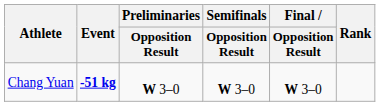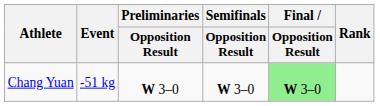 <table class="wikitable" style="font-size:90%;">
 <tr>
 <th rowspan=2>Athlete</th>
 <th rowspan=2>Event</th>
 <th>Preliminaries</th>
 <th>Semifinals</th>
 <th>Final / </th>
 <th rowspan=2>Rank</th>
 </tr>
 <tr style="font-size:95%">
 <th>Opposition<br>Result</th>
 <th>Opposition<br>Result</th>
 <th>Opposition<br>Result</th>
 </tr>
 <tr align=center>
 <td align=left><a href='#'>Chang Yuan</a></td>
-<td align=left><strong><a href='#'>-51 kg</a></strong></td>
+<td align=left><a href='#'>-51 kg</a></td>
 <td><br><strong>W</strong> 3–0</td>
 <td><br><strong>W</strong> 3–0</td>
-<td><br><strong>W</strong> 3–0</td>
+<td style="background: lightgreen;"><br><strong>W</strong> 3–0</td>
 <td></td>
 </tr>
 </table>
